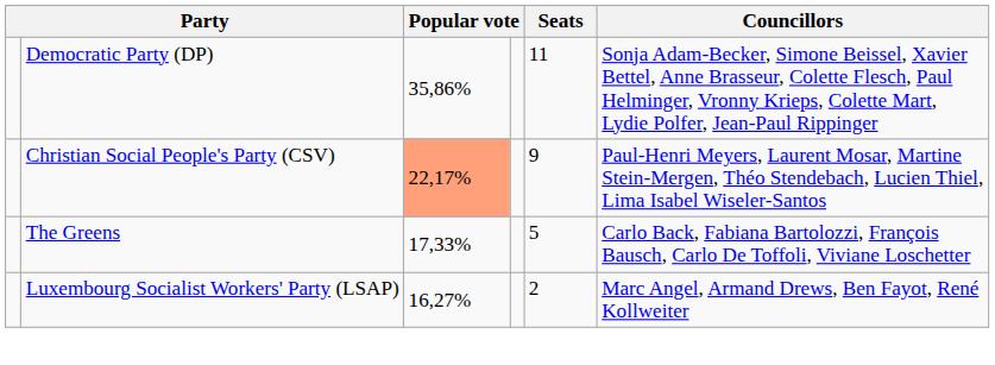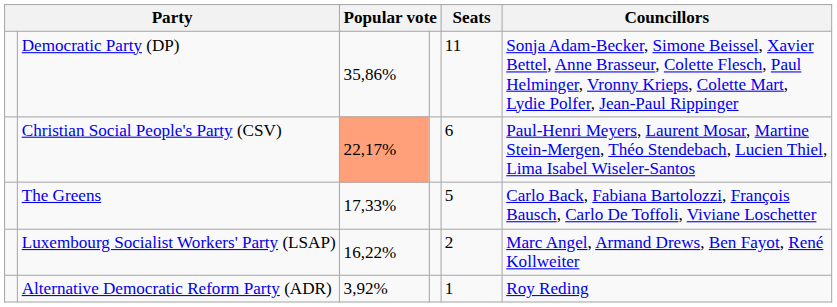 <table class="wikitable">
 <tr>
 <th colspan=2 width=300px>Party</th>
 <th colspan="2">Popular vote</th>
 <th width=50px>Seats</th>
 <th width=300px>Councillors</th>
 </tr>
 <tr>
 <td width=5px style="background-color: "></td>
 <td valign=top><a href='#'>Democratic Party</a> (DP)</td>
 <td>35,86%</td>
 <td></td>
 <td valign=top>11</td>
 <td><a href='#'>Sonja Adam-Becker</a>, <a href='#'>Simone Beissel</a>, <a href='#'>Xavier Bettel</a>, <a href='#'>Anne Brasseur</a>, <a href='#'>Colette Flesch</a>, <a href='#'>Paul Helminger</a>, <a href='#'>Vronny Krieps</a>, <a href='#'>Colette Mart</a>, <a href='#'>Lydie Polfer</a>, <a href='#'>Jean-Paul Rippinger</a></td>
 </tr>
 <tr>
 <td style="background-color: "></td>
 <td valign=top><a href='#'>Christian Social People's Party</a> (CSV)</td>
 <td style="background: lightsalmon;">22,17%</td>
 <td></td>
-<td valign=top>9</td>
+<td valign=top>6</td>
 <td><a href='#'>Paul-Henri Meyers</a>, <a href='#'>Laurent Mosar</a>, <a href='#'>Martine Stein-Mergen</a>, <a href='#'>Théo Stendebach</a>, <a href='#'>Lucien Thiel</a>, <a href='#'>Lima Isabel Wiseler-Santos</a></td>
 </tr>
 <tr>
 <td style="background-color: "></td>
 <td valign=top><a href='#'>The Greens</a></td>
 <td>17,33%</td>
 <td></td>
 <td valign=top>5</td>
 <td><a href='#'>Carlo Back</a>, <a href='#'>Fabiana Bartolozzi</a>, <a href='#'>François Bausch</a>, <a href='#'>Carlo De Toffoli</a>, <a href='#'>Viviane Loschetter</a></td>
 </tr>
 <tr>
 <td style="background-color: "></td>
 <td valign=top><a href='#'>Luxembourg Socialist Workers' Party</a> (LSAP)</td>
-<td>16,27%</td>
+<td>16,22%</td>
 <td></td>
 <td valign=top>2</td>
 <td><a href='#'>Marc Angel</a>, <a href='#'>Armand Drews</a>, <a href='#'>Ben Fayot</a>, <a href='#'>René Kollweiter</a></td>
 </tr>
+<tr>
+<td style="background-color: "></td>
+<td valign=top><a href='#'>Alternative Democratic Reform Party</a> (ADR)</td>
+<td>3,92%</td>
+<td></td>
+<td valign=top>1</td>
+<td><a href='#'>Roy Reding</a></td>
+</tr>
 </table>
